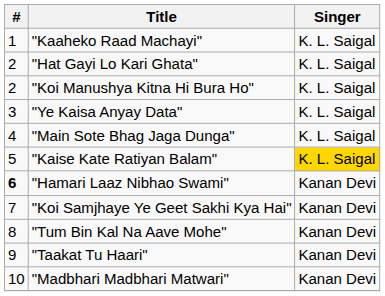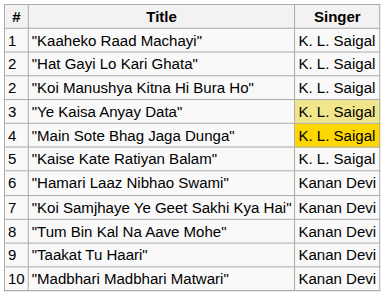 <table class="wikitable" style="font-size:95%;">
 <tr>
 <th>#</th>
 <th>Title</th>
 <th>Singer</th>
 </tr>
 <tr>
 <td>1</td>
 <td>"Kaaheko Raad Machayi"</td>
 <td>K. L. Saigal</td>
 </tr>
 <tr>
 <td>2</td>
 <td>"Hat Gayi Lo Kari Ghata"</td>
 <td>K. L. Saigal</td>
 </tr>
 <tr>
 <td>2</td>
 <td>"Koi Manushya Kitna Hi Bura Ho"</td>
 <td>K. L. Saigal</td>
 </tr>
 <tr>
 <td>3</td>
 <td>"Ye Kaisa Anyay Data"</td>
-<td>K. L. Saigal</td>
+<td style="background: khaki;">K. L. Saigal</td>
 </tr>
 <tr>
 <td>4</td>
 <td>"Main Sote Bhag Jaga Dunga"</td>
-<td>K. L. Saigal</td>
+<td style="background: gold;">K. L. Saigal</td>
 </tr>
 <tr>
 <td>5</td>
 <td>"Kaise Kate Ratiyan Balam"</td>
-<td style="background: gold;">K. L. Saigal</td>
+<td>K. L. Saigal</td>
 </tr>
 <tr>
-<td><strong>6</strong></td>
+<td>6</td>
 <td>"Hamari Laaz Nibhao Swami"</td>
 <td>Kanan Devi</td>
 </tr>
 <tr>
 <td>7</td>
 <td>"Koi Samjhaye Ye Geet Sakhi Kya Hai"</td>
 <td>Kanan Devi</td>
 </tr>
 <tr>
 <td>8</td>
 <td>"Tum Bin Kal Na Aave Mohe"</td>
 <td>Kanan Devi</td>
 </tr>
 <tr>
 <td>9</td>
 <td>"Taakat Tu Haari"</td>
 <td>Kanan Devi</td>
 </tr>
 <tr>
 <td>10</td>
 <td>"Madbhari Madbhari Matwari"</td>
 <td>Kanan Devi</td>
 </tr>
 <tr>
 </tr>
 </table>
